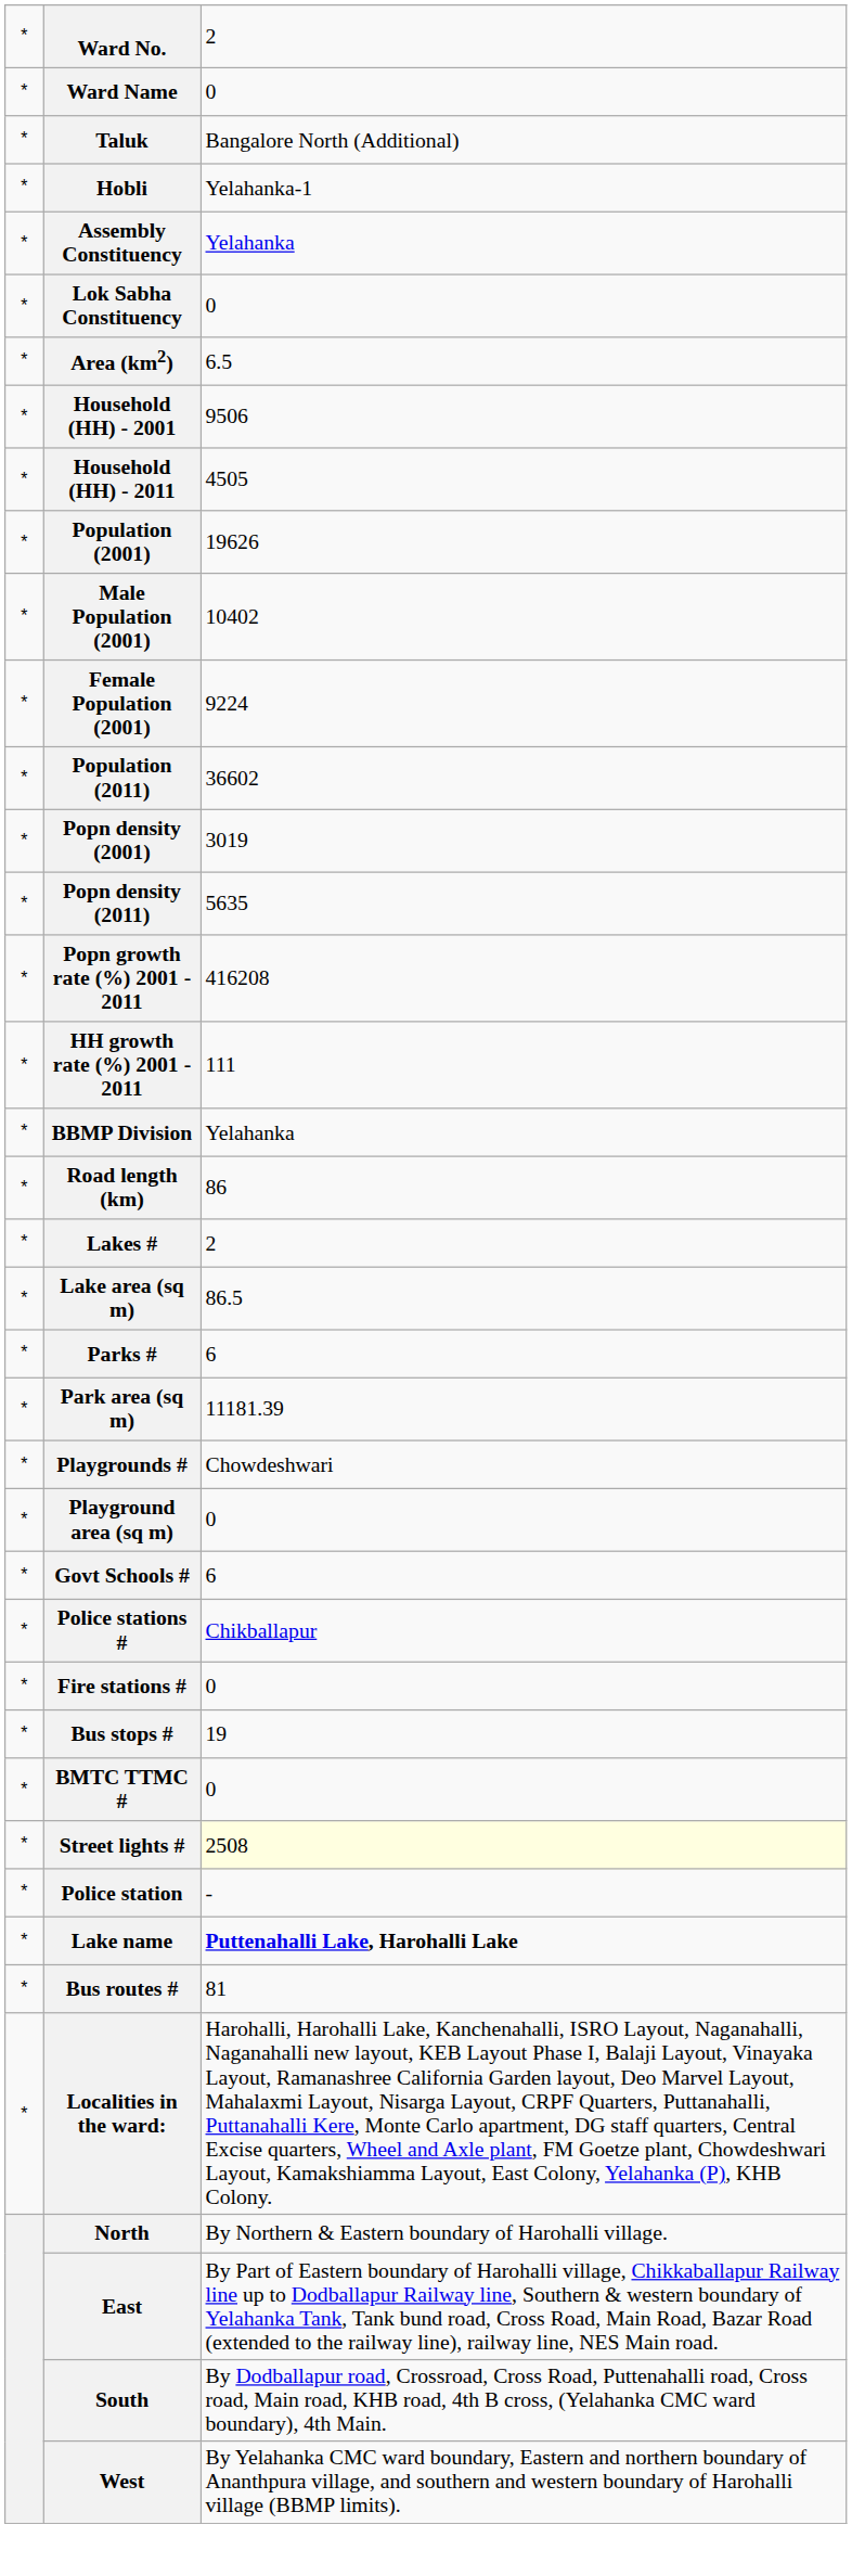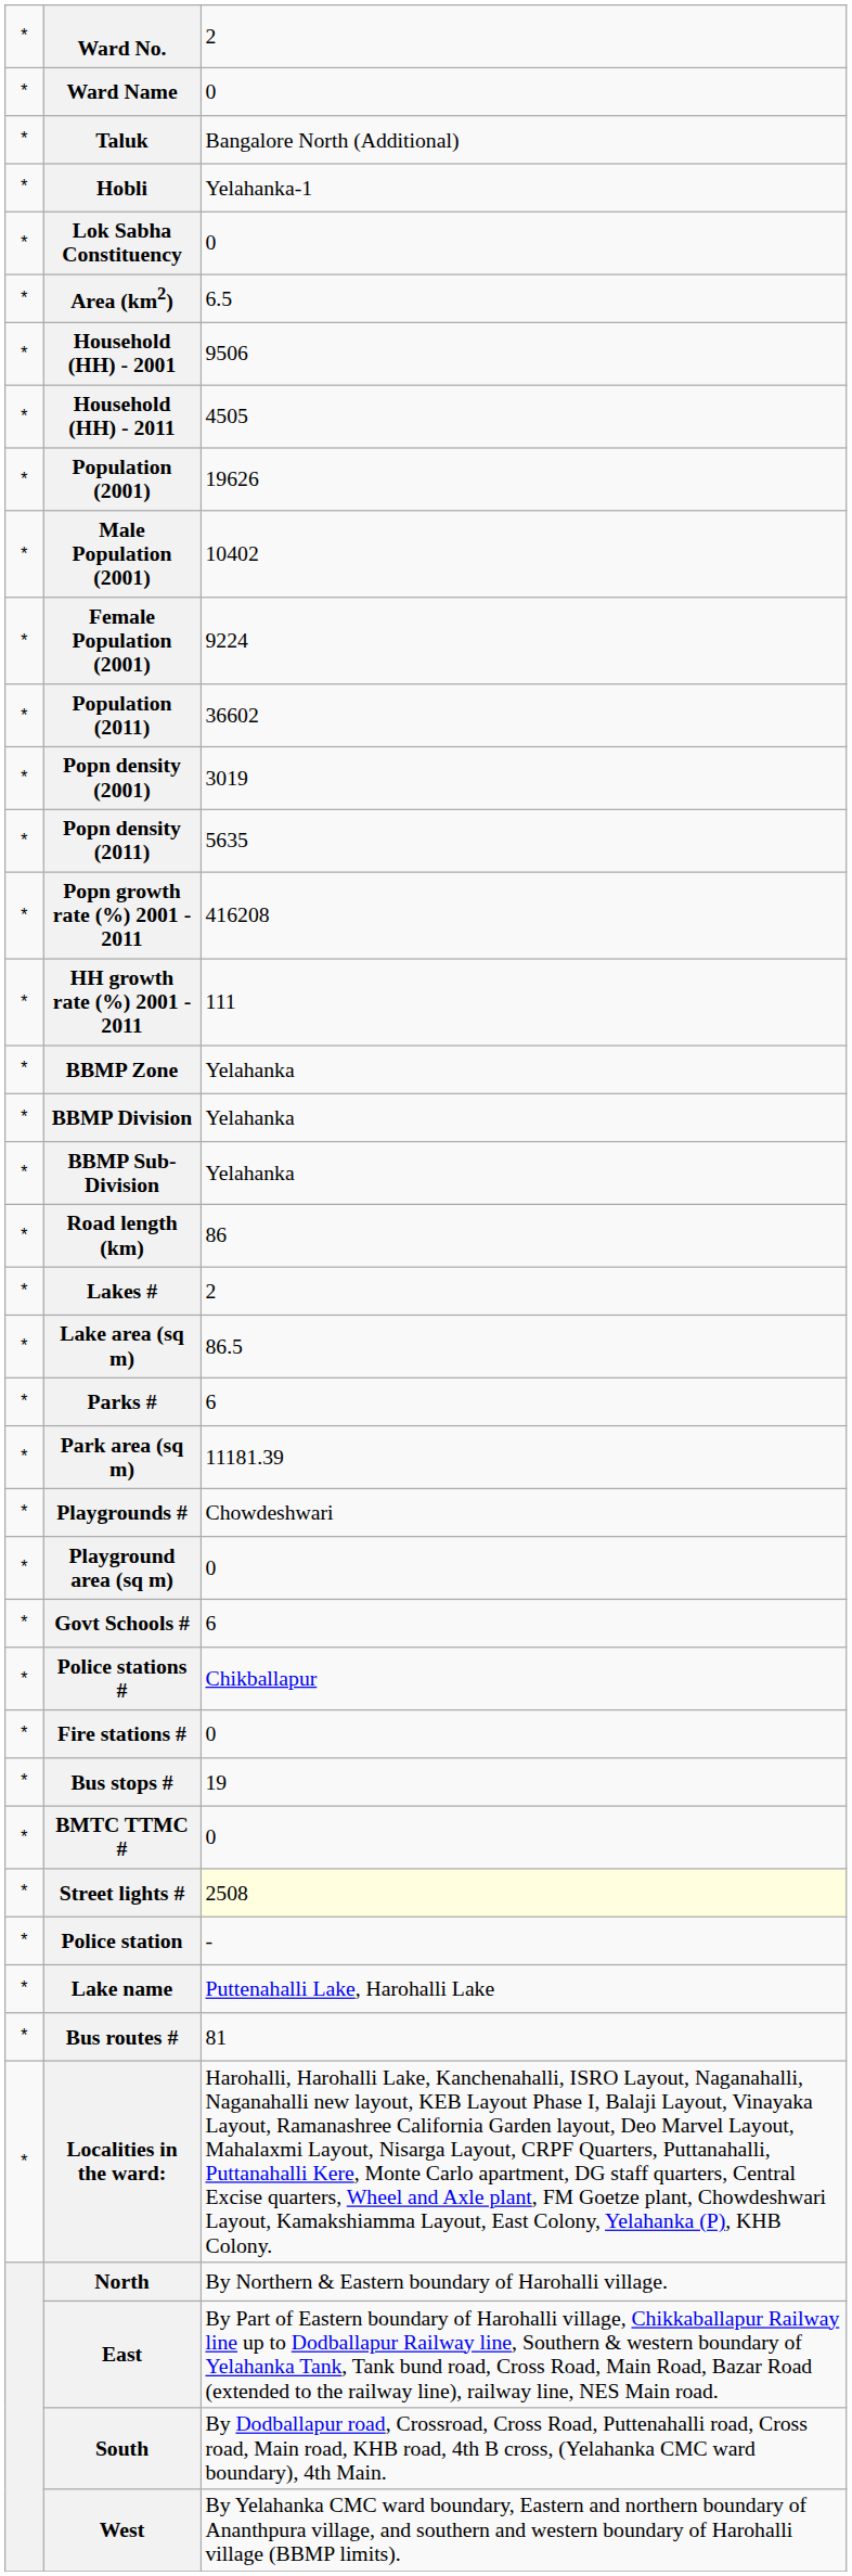 <table class="wikitable" style="width:50%">
 <tr>
 <td style="padding: 10px; font-family: monospace; font-size: 100%;">*</td>
 <th style="padding: 5px;"><br>Ward No.</th>
 <td>2</td>
 </tr>
 <tr>
 <td style="padding: 10px; font-family: monospace; font-size: 100%;">*</td>
 <th style="padding: 5px;">Ward Name</th>
 <td>0</td>
 </tr>
 <tr>
 <td style="padding: 10px; font-family: monospace; font-size: 100%;">*</td>
 <th style="padding: 5px;">Taluk</th>
 <td>Bangalore North (Additional)</td>
 </tr>
 <tr>
 <td style="padding: 10px; font-family: monospace; font-size: 100%;">*</td>
 <th style="padding: 5px;">Hobli</th>
 <td>Yelahanka-1</td>
-</tr>
-<tr>
-<td style="padding: 10px; font-family: monospace; font-size: 100%;">*</td>
-<th style="padding: 5px;">Assembly Constituency</th>
-<td><a href='#'>Yelahanka</a></td>
 </tr>
 <tr>
 <td style="padding: 10px; font-family: monospace; font-size: 100%;">*</td>
 <th style="padding: 5px;">Lok Sabha Constituency</th>
 <td>0</td>
 </tr>
 <tr>
 <td style="padding: 10px; font-family: monospace; font-size: 100%;">*</td>
 <th style="padding: 5px;">Area (km<sup>2</sup>)</th>
 <td>6.5</td>
 </tr>
 <tr>
 <td style="padding: 10px; font-family: monospace; font-size: 100%;">*</td>
 <th style="padding: 5px;">Household (HH) - 2001</th>
 <td>9506</td>
 </tr>
 <tr>
 <td style="padding: 10px; font-family: monospace; font-size: 100%;">*</td>
 <th style="padding: 5px;">Household (HH) - 2011</th>
 <td>4505</td>
 </tr>
 <tr>
 <td style="padding: 10px; font-family: monospace; font-size: 100%;">*</td>
 <th style="padding: 5px;">Population (2001)</th>
 <td>19626</td>
 </tr>
 <tr>
 <td style="padding: 10px; font-family: monospace; font-size: 100%;">*</td>
 <th style="padding: 5px;">Male Population (2001)</th>
 <td>10402</td>
 </tr>
 <tr>
 <td style="padding: 10px; font-family: monospace; font-size: 100%;">*</td>
 <th style="padding: 5px;">Female Population (2001)</th>
 <td>9224</td>
 </tr>
 <tr>
 <td style="padding: 10px; font-family: monospace; font-size: 100%;">*</td>
 <th style="padding: 5px;">Population (2011)</th>
 <td>36602</td>
 </tr>
 <tr>
 <td style="padding: 10px; font-family: monospace; font-size: 100%;">*</td>
 <th style="padding: 5px;">Popn density (2001)</th>
 <td>3019</td>
 </tr>
 <tr>
 <td style="padding: 10px; font-family: monospace; font-size: 100%;">*</td>
 <th style="padding: 5px;">Popn density (2011)</th>
 <td>5635</td>
 </tr>
 <tr>
 <td style="padding: 10px; font-family: monospace; font-size: 100%;">*</td>
 <th style="padding: 5px;">Popn growth rate (%) 2001 - 2011</th>
 <td>416208</td>
 </tr>
 <tr>
 <td style="padding: 10px; font-family: monospace; font-size: 100%;">*</td>
 <th style="padding: 5px;">HH growth rate (%) 2001 - 2011</th>
 <td>111</td>
 </tr>
 <tr>
 <td style="padding: 10px; font-family: monospace; font-size: 100%;">*</td>
+<th style="padding: 5px;">BBMP Zone</th>
+<td>Yelahanka</td>
+</tr>
+<tr>
+<td style="padding: 10px; font-family: monospace; font-size: 100%;">*</td>
 <th style="padding: 5px;">BBMP Division</th>
+<td>Yelahanka</td>
+</tr>
+<tr>
+<td style="padding: 10px; font-family: monospace; font-size: 100%;">*</td>
+<th style="padding: 5px;">BBMP Sub-Division</th>
 <td>Yelahanka</td>
 </tr>
 <tr>
 <td style="padding: 10px; font-family: monospace; font-size: 100%;">*</td>
 <th style="padding: 5px;">Road length (km)</th>
 <td>86</td>
 </tr>
 <tr>
 <td style="padding: 10px; font-family: monospace; font-size: 100%;">*</td>
 <th style="padding: 5px;">Lakes #</th>
 <td>2</td>
 </tr>
 <tr>
 <td style="padding: 10px; font-family: monospace; font-size: 100%;">*</td>
 <th style="padding: 5px;">Lake area (sq m)</th>
 <td>86.5</td>
 </tr>
 <tr>
 <td style="padding: 10px; font-family: monospace; font-size: 100%;">*</td>
 <th style="padding: 5px;">Parks #</th>
 <td>6</td>
 </tr>
 <tr>
 <td style="padding: 10px; font-family: monospace; font-size: 100%;">*</td>
 <th style="padding: 5px;">Park area (sq m)</th>
 <td>11181.39</td>
 </tr>
 <tr>
 <td style="padding: 10px; font-family: monospace; font-size: 100%;">*</td>
 <th style="padding: 5px;">Playgrounds #</th>
 <td>Chowdeshwari</td>
 </tr>
 <tr>
 <td style="padding: 10px; font-family: monospace; font-size: 100%;">*</td>
 <th style="padding: 5px;">Playground area (sq m)</th>
 <td>0</td>
 </tr>
 <tr>
 <td style="padding: 10px; font-family: monospace; font-size: 100%;">*</td>
 <th style="padding: 5px;">Govt Schools #</th>
 <td>6</td>
 </tr>
 <tr>
 <td style="padding: 10px; font-family: monospace; font-size: 100%;">*</td>
 <th style="padding: 5px;">Police stations #</th>
 <td><a href='#'>Chikballapur</a></td>
 </tr>
 <tr>
 <td style="padding: 10px; font-family: monospace; font-size: 100%;">*</td>
 <th style="padding: 5px;">Fire stations #</th>
 <td>0</td>
 </tr>
 <tr>
 <td style="padding: 10px; font-family: monospace; font-size: 100%;">*</td>
 <th style="padding: 5px;">Bus stops #</th>
 <td>19</td>
 </tr>
 <tr>
 <td style="padding: 10px; font-family: monospace; font-size: 100%;">*</td>
 <th style="padding: 5px;">BMTC TTMC #</th>
 <td>0</td>
 </tr>
 <tr>
 <td style="padding: 10px; font-family: monospace; font-size: 100%;">*</td>
 <th style="padding: 5px;">Street lights #</th>
 <td style="background: lightyellow;">2508</td>
 </tr>
 <tr>
 <td style="padding: 10px; font-family: monospace; font-size: 100%;">*</td>
 <th style="padding: 5px;">Police station</th>
 <td>-</td>
 </tr>
 <tr>
 <td style="padding: 10px; font-family: monospace; font-size: 100%;">*</td>
 <th style="padding: 5px;">Lake name</th>
-<td><strong><a href='#'>Puttenahalli Lake</a>, Harohalli Lake</strong></td>
+<td><a href='#'>Puttenahalli Lake</a>, Harohalli Lake</td>
 </tr>
 <tr>
 <td style="padding: 10px; font-family: monospace; font-size: 100%;">*</td>
 <th style="padding: 5px;">Bus routes #</th>
 <td>81</td>
 </tr>
 <tr>
 <td style="padding: 10px; font-family: monospace; font-size: 100%;">*</td>
 <th style="padding: 5px;">Localities in the ward:</th>
 <td>Harohalli, Harohalli Lake, Kanchenahalli, ISRO Layout, Naganahalli, Naganahalli new layout, KEB Layout Phase I, Balaji Layout, Vinayaka Layout, Ramanashree California Garden layout, Deo Marvel Layout, Mahalaxmi Layout, Nisarga Layout, CRPF Quarters, Puttanahalli, <a href='#'>Puttanahalli Kere</a>, Monte Carlo apartment, DG staff quarters, Central Excise quarters, <a href='#'>Wheel and Axle plant</a>, FM Goetze plant, Chowdeshwari Layout, Kamakshiamma Layout, East Colony, <a href='#'>Yelahanka (P)</a>, KHB Colony.</td>
 </tr>
 <tr>
 <th style="padding: 2px; font-family: monospace; font-size: 120%;" rowspan="4"></th>
 <th style="padding: 5px;">North</th>
 <td>By Northern & Eastern boundary of Harohalli village.</td>
 </tr>
 <tr>
 <th style="padding: 5px;">East</th>
 <td>By Part of Eastern boundary of Harohalli village, <a href='#'>Chikkaballapur Railway line</a> up to <a href='#'>Dodballapur Railway line</a>, Southern & western boundary of <a href='#'>Yelahanka Tank</a>, Tank bund road, Cross Road, Main Road, Bazar Road (extended to the railway line), railway line, NES Main road.</td>
 </tr>
 <tr>
 <th style="padding: 5px;">South</th>
 <td>By <a href='#'>Dodballapur road</a>, Crossroad, Cross Road, Puttenahalli road, Cross road, Main road, KHB road, 4th B cross, (Yelahanka CMC ward boundary), 4th Main.</td>
 </tr>
 <tr>
 <th style="padding: 5px;">West</th>
 <td>By Yelahanka CMC ward boundary, Eastern and northern boundary of Ananthpura village, and southern and western boundary of Harohalli village (BBMP limits).</td>
 </tr>
 <tr>
 </tr>
 </table>
